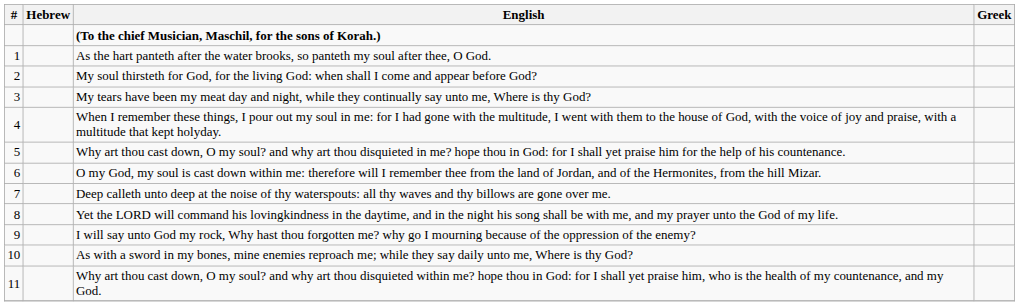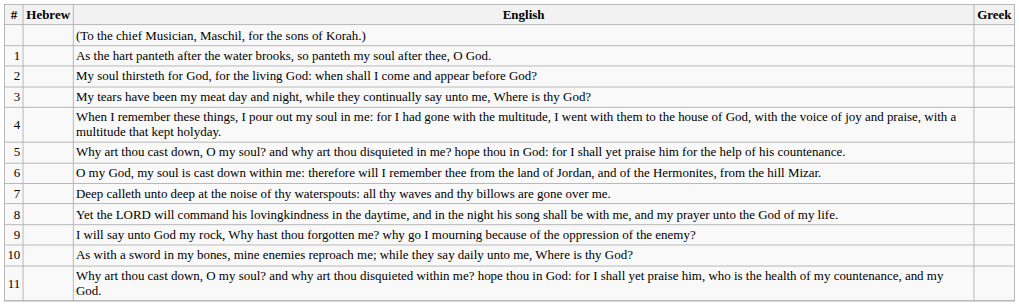 <table class=wikitable>
 <tr>
 <th>#</th>
 <th>Hebrew</th>
 <th>English</th>
 <th>Greek</th>
 </tr>
 <tr>
 <td style="text-align:right"></td>
 <td style="text-align:right"></td>
-<td><strong>(To the chief Musician, Maschil, for the sons of Korah.)</strong></td>
+<td>(To the chief Musician, Maschil, for the sons of Korah.)</td>
 <td></td>
 </tr>
 <tr>
 <td style="text-align:right">1</td>
 <td style="text-align:right"></td>
 <td>As the hart panteth after the water brooks, so panteth my soul after thee, O God.</td>
 <td></td>
 </tr>
 <tr>
 <td style="text-align:right">2</td>
 <td style="text-align:right"></td>
 <td>My soul thirsteth for God, for the living God: when shall I come and appear before God?</td>
 <td></td>
 </tr>
 <tr>
 <td style="text-align:right">3</td>
 <td style="text-align:right"></td>
 <td>My tears have been my meat day and night, while they continually say unto me, Where is thy God?</td>
 <td></td>
 </tr>
 <tr>
 <td style="text-align:right">4</td>
 <td style="text-align:right"></td>
 <td>When I remember these things, I pour out my soul in me: for I had gone with the multitude, I went with them to the house of God, with the voice of joy and praise, with a multitude that kept holyday.</td>
 <td></td>
 </tr>
 <tr>
 <td style="text-align:right">5</td>
 <td style="text-align:right"></td>
 <td>Why art thou cast down, O my soul? and why art thou disquieted in me? hope thou in God: for I shall yet praise him for the help of his countenance.</td>
 <td></td>
 </tr>
 <tr>
 <td style="text-align:right">6</td>
 <td style="text-align:right"></td>
 <td>O my God, my soul is cast down within me: therefore will I remember thee from the land of Jordan, and of the Hermonites, from the hill Mizar.</td>
 <td></td>
 </tr>
 <tr>
 <td style="text-align:right">7</td>
 <td style="text-align:right"></td>
 <td>Deep calleth unto deep at the noise of thy waterspouts: all thy waves and thy billows are gone over me.</td>
 <td></td>
 </tr>
 <tr>
 <td style="text-align:right">8</td>
 <td style="text-align:right"></td>
 <td>Yet the LORD will command his lovingkindness in the daytime, and in the night his song shall be with me, and my prayer unto the God of my life.</td>
 <td></td>
 </tr>
 <tr>
 <td style="text-align:right">9</td>
 <td style="text-align:right"></td>
 <td>I will say unto God my rock, Why hast thou forgotten me? why go I mourning because of the oppression of the enemy?</td>
 <td></td>
 </tr>
 <tr>
 <td style="text-align:right">10</td>
 <td style="text-align:right"></td>
 <td>As with a sword in my bones, mine enemies reproach me; while they say daily unto me, Where is thy God?</td>
 <td></td>
 </tr>
 <tr>
 <td style="text-align:right">11</td>
 <td style="text-align:right"></td>
 <td>Why art thou cast down, O my soul? and why art thou disquieted within me? hope thou in God: for I shall yet praise him, who is the health of my countenance, and my God.</td>
 <td></td>
 </tr>
 <tr>
 </tr>
 </table>
